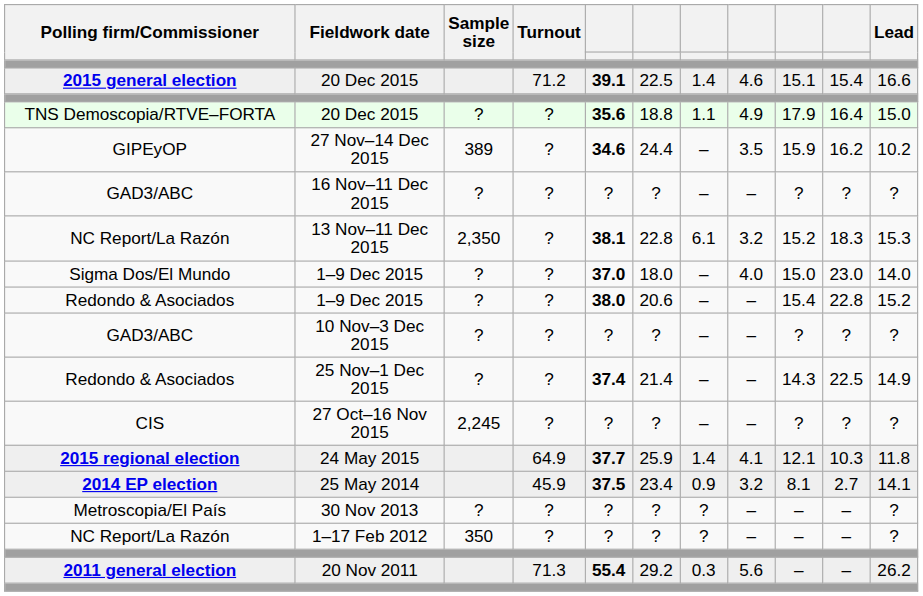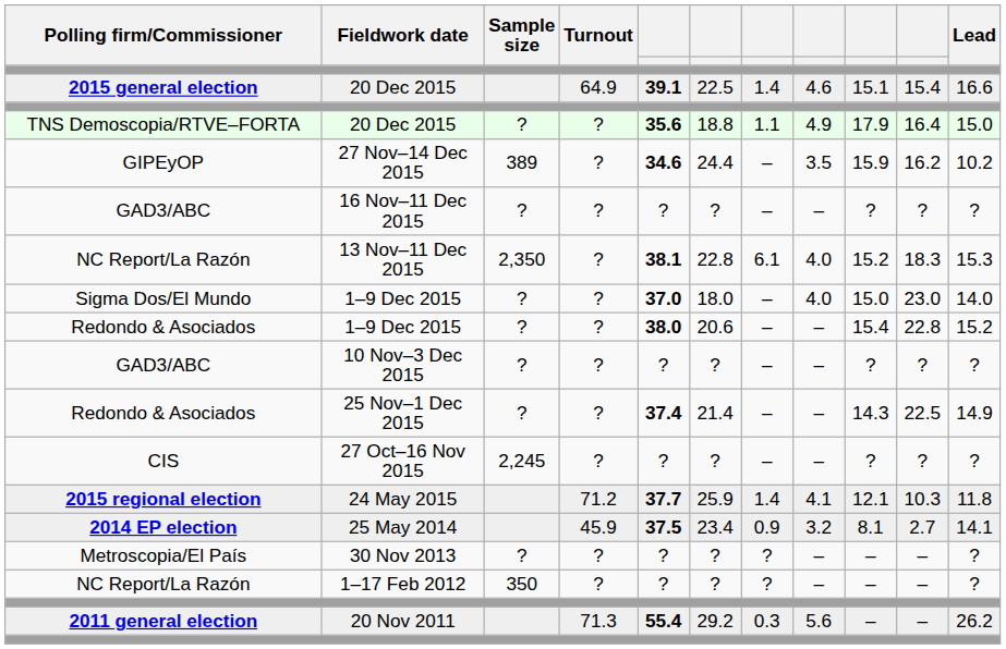 <table class="wikitable collapsible collapsed" style="text-align:center; font-size:95%; line-height:16px;">
 <tr style="height:42px; background-color:#E9E9E9">
 <th style="width:250px;" rowspan="2">Polling firm/Commissioner</th>
 <th style="width:125px;" rowspan="2">Fieldwork date</th>
 <th style="width:50px;" rowspan="2">Sample size</th>
 <th style="width:45px;" rowspan="2">Turnout</th>
 <th style="width:35px;"></th>
 <th style="width:35px;"></th>
 <th style="width:35px;"></th>
 <th style="width:35px;"></th>
 <th style="width:35px;"></th>
 <th style="width:35px;"></th>
 <th style="width:30px;" rowspan="2">Lead</th>
 </tr>
 <tr>
 <th style="color:inherit;background:"></th>
 <th style="color:inherit;background:"></th>
 <th style="color:inherit;background:"></th>
 <th style="color:inherit;background:"></th>
 <th style="color:inherit;background:"></th>
 <th style="color:inherit;background:"></th>
 </tr>
 <tr>
 <td colspan="11" style="background:#A0A0A0"></td>
 </tr>
 <tr style="background:#EFEFEF;">
 <td><strong><a href='#'>2015 general election</a></strong></td>
 <td>20 Dec 2015</td>
 <td></td>
-<td>71.2</td>
+<td>64.9</td>
 <td><strong>39.1</strong><br></td>
 <td>22.5<br></td>
 <td>1.4<br></td>
 <td>4.6<br></td>
 <td>15.1<br></td>
 <td>15.4<br></td>
 <td style="background:">16.6</td>
 </tr>
 <tr>
 <td colspan="11" style="background:#A0A0A0"></td>
 </tr>
 <tr style="background:#EAFFEA;">
 <td>TNS Demoscopia/RTVE–FORTA</td>
 <td>20 Dec 2015</td>
 <td>?</td>
 <td>?</td>
 <td><strong>35.6</strong><br></td>
 <td>18.8<br></td>
 <td>1.1<br></td>
 <td>4.9<br></td>
 <td>17.9<br></td>
 <td>16.4<br></td>
 <td style="background:">15.0</td>
 </tr>
 <tr>
 <td>GIPEyOP</td>
 <td>27 Nov–14 Dec 2015</td>
 <td>389</td>
 <td>?</td>
 <td><strong>34.6</strong><br></td>
 <td>24.4<br></td>
 <td>–</td>
 <td>3.5<br></td>
 <td>15.9<br></td>
 <td>16.2<br></td>
 <td style="background:">10.2</td>
 </tr>
 <tr>
 <td>GAD3/ABC</td>
 <td>16 Nov–11 Dec 2015</td>
 <td>?</td>
 <td>?</td>
 <td>?<br></td>
 <td>?<br></td>
 <td>–</td>
 <td>–</td>
 <td>?<br></td>
 <td>?<br></td>
 <td style="background:">?</td>
 </tr>
 <tr>
 <td>NC Report/La Razón</td>
 <td>13 Nov–11 Dec 2015</td>
 <td>2,350</td>
 <td>?</td>
 <td><strong>38.1</strong><br></td>
 <td>22.8<br></td>
 <td>6.1<br></td>
-<td>3.2<br></td>
+<td>4.0<br></td>
 <td>15.2<br></td>
 <td>18.3<br></td>
 <td style="background:">15.3</td>
 </tr>
 <tr>
 <td>Sigma Dos/El Mundo</td>
 <td>1–9 Dec 2015</td>
 <td>?</td>
 <td>?</td>
 <td><strong>37.0</strong><br></td>
 <td>18.0<br></td>
 <td>–</td>
 <td>4.0<br></td>
 <td>15.0<br></td>
 <td>23.0<br></td>
 <td style="background:">14.0</td>
 </tr>
 <tr>
 <td>Redondo & Asociados</td>
 <td>1–9 Dec 2015</td>
 <td>?</td>
 <td>?</td>
 <td><strong>38.0</strong><br></td>
 <td>20.6<br></td>
 <td>–</td>
 <td>–</td>
 <td>15.4<br></td>
 <td>22.8<br></td>
 <td style="background:">15.2</td>
 </tr>
 <tr>
 <td>GAD3/ABC</td>
 <td>10 Nov–3 Dec 2015</td>
 <td>?</td>
 <td>?</td>
 <td>?<br></td>
 <td>?<br></td>
 <td>–</td>
 <td>–</td>
 <td>?<br></td>
 <td>?<br></td>
 <td style="background:">?</td>
 </tr>
 <tr>
 <td>Redondo & Asociados</td>
 <td>25 Nov–1 Dec 2015</td>
 <td>?</td>
 <td>?</td>
 <td><strong>37.4</strong><br></td>
 <td>21.4<br></td>
 <td>–</td>
 <td>–</td>
 <td>14.3<br></td>
 <td>22.5<br></td>
 <td style="background:">14.9</td>
 </tr>
 <tr>
 <td>CIS</td>
 <td>27 Oct–16 Nov 2015</td>
 <td>2,245</td>
 <td>?</td>
 <td>?<br></td>
 <td>?<br></td>
 <td>–</td>
 <td>–</td>
 <td>?<br></td>
 <td>?<br></td>
 <td style="background:">?</td>
 </tr>
 <tr style="background:#EFEFEF;">
 <td><strong><a href='#'>2015 regional election</a></strong></td>
 <td>24 May 2015</td>
 <td></td>
-<td>64.9</td>
+<td>71.2</td>
 <td><strong>37.7</strong><br></td>
 <td>25.9<br></td>
 <td>1.4<br></td>
 <td>4.1<br></td>
 <td>12.1<br></td>
 <td>10.3<br></td>
 <td style="background:">11.8</td>
 </tr>
 <tr style="background:#EFEFEF;">
 <td><strong><a href='#'>2014 EP election</a></strong></td>
 <td>25 May 2014</td>
 <td></td>
 <td>45.9</td>
 <td><strong>37.5</strong><br></td>
 <td>23.4<br></td>
 <td>0.9<br></td>
 <td>3.2<br></td>
 <td>8.1<br></td>
 <td>2.7<br></td>
 <td style="background:">14.1</td>
 </tr>
 <tr>
 <td>Metroscopia/El País</td>
 <td>30 Nov 2013</td>
 <td>?</td>
 <td>?</td>
 <td>?<br></td>
 <td>?<br></td>
 <td>?<br></td>
 <td>–</td>
 <td>–</td>
 <td>–</td>
 <td style="background:">?</td>
 </tr>
 <tr>
 <td>NC Report/La Razón</td>
 <td>1–17 Feb 2012</td>
 <td>350</td>
 <td>?</td>
 <td>?<br></td>
 <td>?<br></td>
 <td>?<br></td>
 <td>–</td>
 <td>–</td>
 <td>–</td>
 <td style="background:">?</td>
 </tr>
 <tr>
 <td colspan="11" style="background:#A0A0A0"></td>
 </tr>
 <tr style="background:#EFEFEF;">
 <td><strong><a href='#'>2011 general election</a></strong></td>
 <td>20 Nov 2011</td>
 <td></td>
 <td>71.3</td>
 <td><strong>55.4</strong><br></td>
 <td>29.2<br></td>
 <td>0.3<br></td>
 <td>5.6<br></td>
 <td>–</td>
 <td>–</td>
 <td style="background:">26.2</td>
 </tr>
 <tr>
 <td colspan="11" style="background:#A0A0A0"></td>
 </tr>
 </table>
